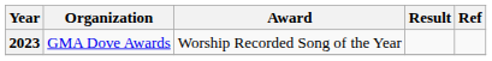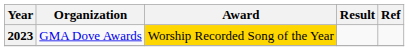 <table class="wikitable plainrowheaders">
 <tr>
 <th>Year</th>
 <th>Organization</th>
 <th>Award</th>
 <th>Result</th>
 <th style="text-align:center">Ref</th>
 </tr>
 <tr>
 <th scope="row">2023</th>
 <td><a href='#'>GMA Dove Awards</a></td>
-<td>Worship Recorded Song of the Year</td>
+<td style="background: gold;">Worship Recorded Song of the Year</td>
 <td></td>
 <td></td>
 </tr>
 <tr>
 </tr>
 </table>
